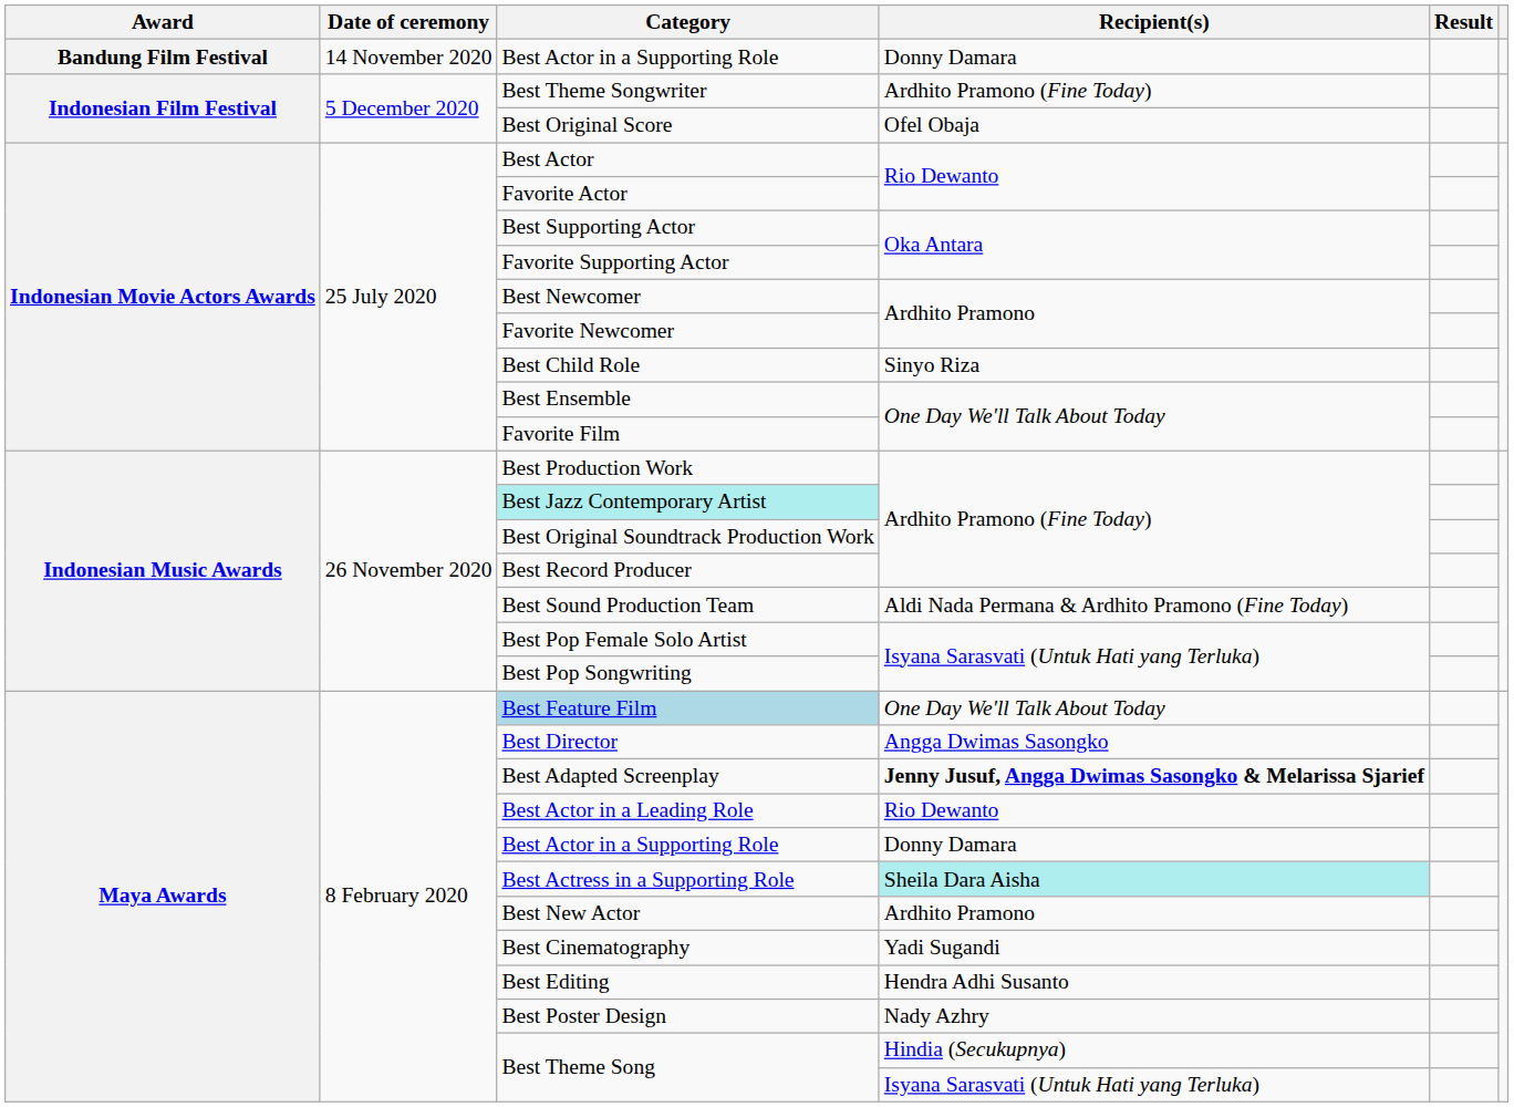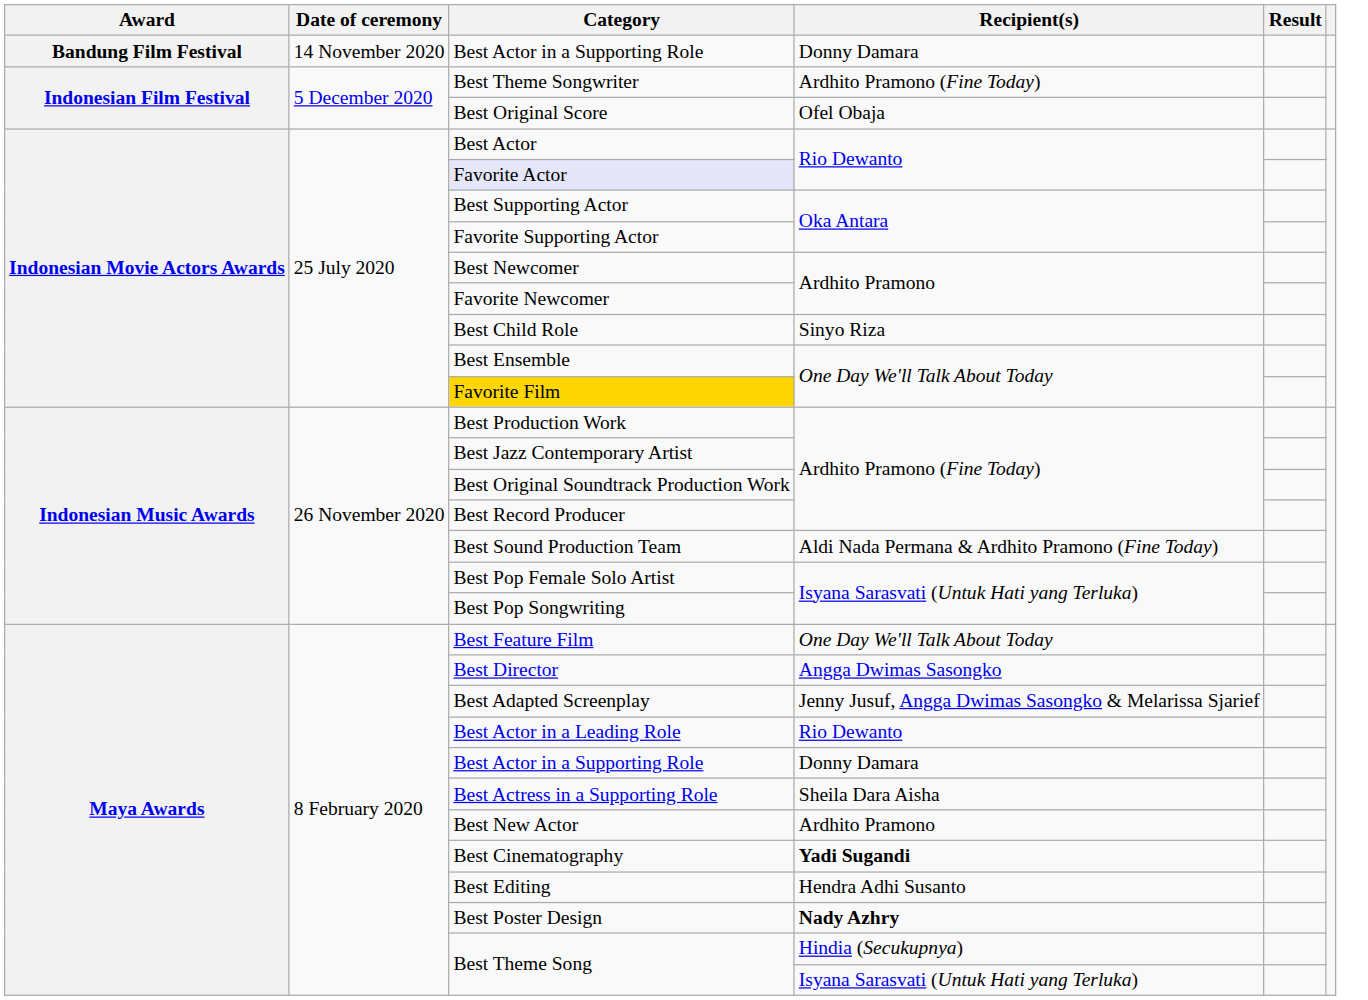 <table class="wikitable plainrowheaders sortable">
 <tr>
 <th scope="col">Award</th>
 <th scope="col">Date of ceremony</th>
 <th scope="col">Category</th>
 <th scope="col">Recipient(s)</th>
 <th scope="col">Result</th>
 <th scope="col" class="unsortable"></th>
 </tr>
 <tr>
 <th scope="row" rowspan="1">Bandung Film Festival</th>
 <td>14 November 2020</td>
 <td>Best Actor in a Supporting Role</td>
 <td>Donny Damara</td>
 <td></td>
 <td></td>
 </tr>
 <tr>
 <th scope="row" rowspan="2"><a href='#'>Indonesian Film Festival</a></th>
 <td rowspan="2"><a href='#'>5 December 2020</a></td>
 <td>Best Theme Songwriter</td>
 <td>Ardhito Pramono (<em>Fine Today</em>)</td>
 <td></td>
 <td rowspan="2"></td>
 </tr>
 <tr>
 <td>Best Original Score</td>
 <td>Ofel Obaja</td>
 <td></td>
 </tr>
 <tr>
 <th scope="row" rowspan="9"><a href='#'>Indonesian Movie Actors Awards</a></th>
 <td rowspan="9">25 July 2020</td>
 <td>Best Actor</td>
 <td rowspan="2"><a href='#'>Rio Dewanto</a></td>
 <td></td>
 <td rowspan="9"></td>
 </tr>
 <tr>
-<td>Favorite Actor</td>
+<td style="background: lavender;">Favorite Actor</td>
 <td></td>
 </tr>
 <tr>
 <td>Best Supporting Actor</td>
 <td rowspan="2"><a href='#'>Oka Antara</a></td>
 <td></td>
 </tr>
 <tr>
 <td>Favorite Supporting Actor</td>
 <td></td>
 </tr>
 <tr>
 <td>Best Newcomer</td>
 <td rowspan="2">Ardhito Pramono</td>
 <td></td>
 </tr>
 <tr>
 <td>Favorite Newcomer</td>
 <td></td>
 </tr>
 <tr>
 <td>Best Child Role</td>
 <td>Sinyo Riza</td>
 <td></td>
 </tr>
 <tr>
 <td>Best Ensemble</td>
 <td rowspan="2"><em>One Day We'll Talk About Today</em></td>
 <td></td>
 </tr>
 <tr>
-<td>Favorite Film</td>
+<td style="background: gold;">Favorite Film</td>
 <td></td>
 </tr>
 <tr>
 <th scope="row" rowspan="7"><a href='#'>Indonesian Music Awards</a></th>
 <td rowspan="7">26 November 2020</td>
 <td>Best Production Work</td>
 <td rowspan="4">Ardhito Pramono (<em>Fine Today</em>)</td>
 <td></td>
 <td rowspan="7"></td>
 </tr>
 <tr>
-<td style="background: paleturquoise;">Best Jazz Contemporary Artist</td>
+<td>Best Jazz Contemporary Artist</td>
 <td></td>
 </tr>
 <tr>
 <td>Best Original Soundtrack Production Work</td>
 <td></td>
 </tr>
 <tr>
 <td>Best Record Producer</td>
 <td></td>
 </tr>
 <tr>
 <td>Best Sound Production Team</td>
 <td>Aldi Nada Permana & Ardhito Pramono (<em>Fine Today</em>)</td>
 <td></td>
 </tr>
 <tr>
 <td>Best Pop Female Solo Artist</td>
 <td rowspan="2"><a href='#'>Isyana Sarasvati</a> (<em>Untuk Hati yang Terluka</em>)</td>
 <td></td>
 </tr>
 <tr>
 <td>Best Pop Songwriting</td>
 <td></td>
 </tr>
 <tr>
 <th scope="row" rowspan="12"><a href='#'>Maya Awards</a></th>
 <td rowspan="12">8 February 2020</td>
-<td style="background: lightblue;"><a href='#'>Best Feature Film</a></td>
+<td><a href='#'>Best Feature Film</a></td>
 <td><em>One Day We'll Talk About Today</em></td>
 <td></td>
 <td rowspan="12"></td>
 </tr>
 <tr>
 <td><a href='#'>Best Director</a></td>
 <td><a href='#'>Angga Dwimas Sasongko</a></td>
 <td></td>
 </tr>
 <tr>
 <td>Best Adapted Screenplay</td>
-<td><strong>Jenny Jusuf, <a href='#'>Angga Dwimas Sasongko</a> & Melarissa Sjarief</strong></td>
+<td>Jenny Jusuf, <a href='#'>Angga Dwimas Sasongko</a> & Melarissa Sjarief</td>
 <td></td>
 </tr>
 <tr>
 <td><a href='#'>Best Actor in a Leading Role</a></td>
 <td><a href='#'>Rio Dewanto</a></td>
 <td></td>
 </tr>
 <tr>
 <td><a href='#'>Best Actor in a Supporting Role</a></td>
 <td>Donny Damara</td>
 <td></td>
 </tr>
 <tr>
 <td><a href='#'>Best Actress in a Supporting Role</a></td>
-<td style="background: paleturquoise;">Sheila Dara Aisha</td>
+<td>Sheila Dara Aisha</td>
 <td></td>
 </tr>
 <tr>
 <td>Best New Actor</td>
 <td>Ardhito Pramono</td>
 <td></td>
 </tr>
 <tr>
 <td>Best Cinematography</td>
-<td>Yadi Sugandi</td>
+<td><strong>Yadi Sugandi</strong></td>
 <td></td>
 </tr>
 <tr>
 <td>Best Editing</td>
 <td>Hendra Adhi Susanto</td>
 <td></td>
 </tr>
 <tr>
 <td>Best Poster Design</td>
-<td>Nady Azhry</td>
+<td><strong>Nady Azhry</strong></td>
 <td></td>
 </tr>
 <tr>
 <td rowspan="2">Best Theme Song</td>
 <td><a href='#'>Hindia</a> (<em>Secukupnya</em>)</td>
 <td></td>
 </tr>
 <tr>
 <td><a href='#'>Isyana Sarasvati</a> (<em>Untuk Hati yang Terluka</em>)</td>
 <td></td>
 </tr>
 </table>
